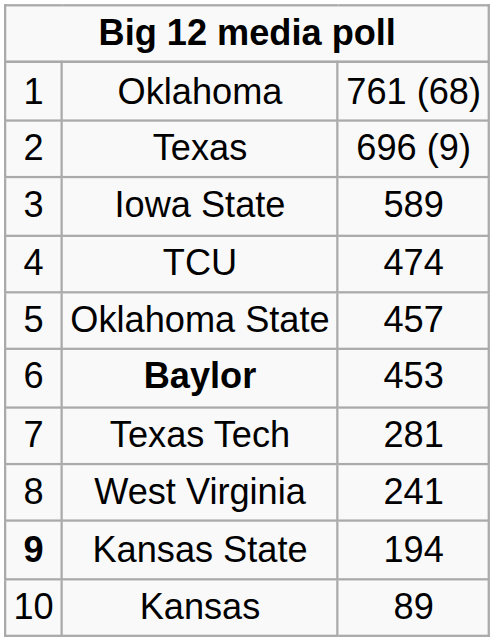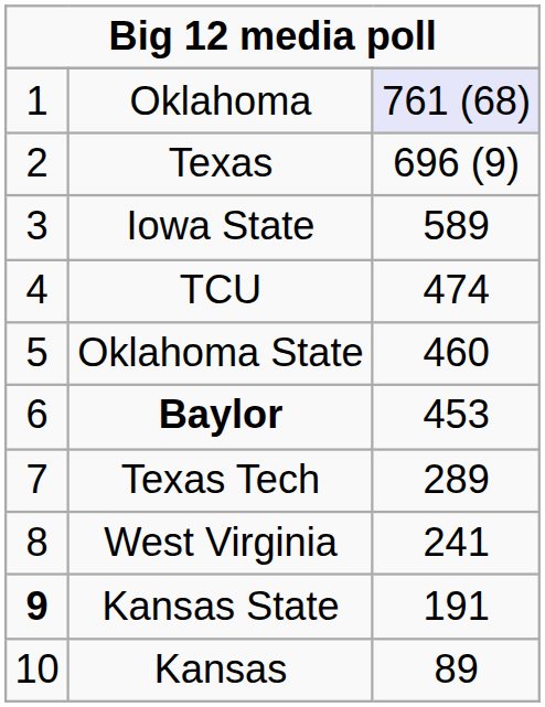 <table class="wikitable" style="display: inline-table;">
 <tr>
 <td align="center" Colspan="3"><strong>Big 12 media poll</strong></td>
 </tr>
 <tr align="center">
 </tr>
 <tr align="center">
 <td>1</td>
 <td>Oklahoma</td>
-<td>761 (68)</td>
+<td style="background: lavender;">761 (68)</td>
 </tr>
 <tr align="center">
 <td>2</td>
 <td>Texas</td>
 <td>696 (9)</td>
 </tr>
 <tr align="center">
 <td>3</td>
 <td>Iowa State</td>
 <td>589</td>
 </tr>
 <tr align="center">
 <td>4</td>
 <td>TCU</td>
 <td>474</td>
 </tr>
 <tr align="center">
 <td>5</td>
 <td>Oklahoma State</td>
-<td>457</td>
+<td>460</td>
 </tr>
 <tr align="center">
 <td>6</td>
 <td><strong>Baylor</strong></td>
 <td>453</td>
 </tr>
 <tr align="center">
 <td>7</td>
 <td>Texas Tech</td>
-<td>281</td>
+<td>289</td>
 </tr>
 <tr align="center">
 <td>8</td>
 <td>West Virginia</td>
 <td>241</td>
 </tr>
 <tr align="center">
 <td><strong>9</strong></td>
 <td>Kansas State</td>
-<td>194</td>
+<td>191</td>
 </tr>
 <tr align="center">
 <td>10</td>
 <td>Kansas</td>
 <td>89</td>
 </tr>
 </table>
